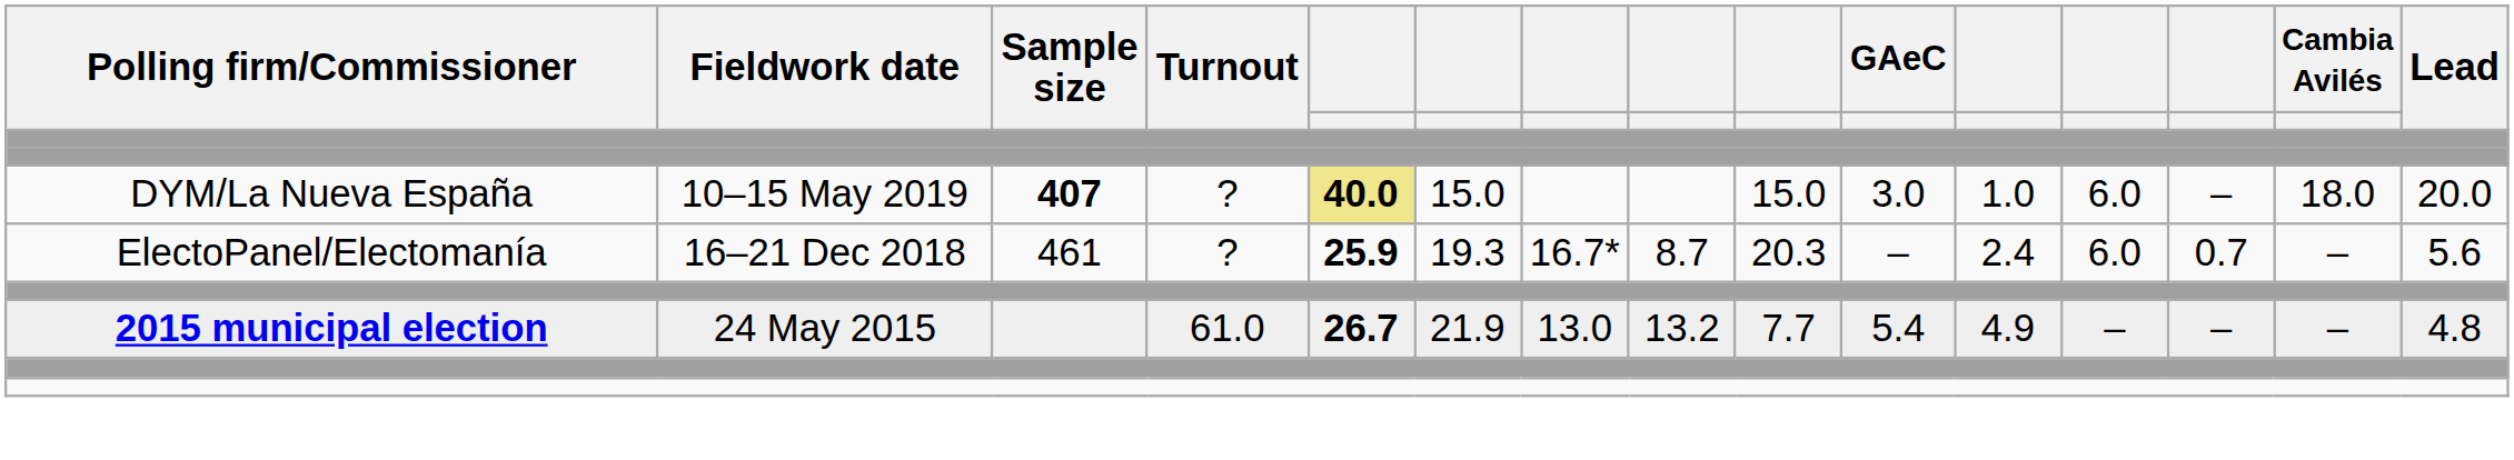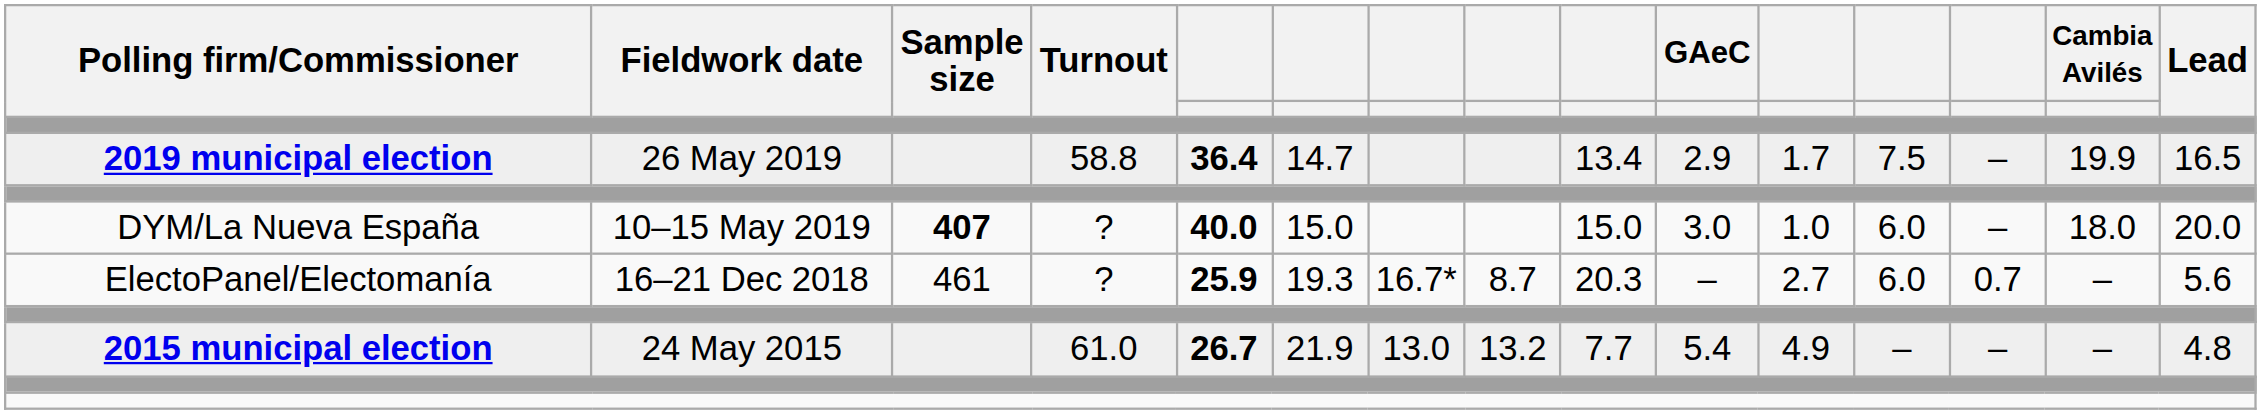 <table class="wikitable collapsible collapsed" style="text-align:center; font-size:95%; line-height:16px;">
 <tr style="height:42px;">
 <th style="width:250px;" rowspan="2">Polling firm/Commissioner</th>
 <th style="width:125px;" rowspan="2">Fieldwork date</th>
 <th style="width:50px;" rowspan="2">Sample size</th>
 <th style="width:45px;" rowspan="2">Turnout</th>
 <th style="width:35px;"></th>
 <th style="width:35px;"></th>
 <th style="width:35px;"></th>
 <th style="width:35px;"></th>
 <th style="width:35px;"></th>
 <th style="width:35px; font-size:90%;">GAeC</th>
 <th style="width:35px;"></th>
 <th style="width:35px;"></th>
 <th style="width:35px;"></th>
 <th style="width:35px; font-size:80%;">Cambia<br>Avilés</th>
 <th style="width:30px;" rowspan="2">Lead</th>
 </tr>
 <tr>
 <th style="color:inherit;background:"></th>
 <th style="color:inherit;background:"></th>
 <th style="color:inherit;background:"></th>
 <th style="color:inherit;background:"></th>
 <th style="color:inherit;background:"></th>
 <th style="color:inherit;background:"></th>
 <th style="color:inherit;background:"></th>
 <th style="color:inherit;background:"></th>
 <th style="color:inherit;background:"></th>
 <th style="color:inherit;background:"></th>
 </tr>
 <tr>
 <td colspan="15" style="background:#A0A0A0"></td>
 </tr>
+<tr style="background:#EFEFEF;">
+<td><strong><a href='#'>2019 municipal election</a></strong></td>
+<td>26 May 2019</td>
+<td></td>
+<td>58.8</td>
+<td><strong>36.4</strong><br></td>
+<td>14.7<br></td>
+<td></td>
+<td></td>
+<td>13.4<br></td>
+<td>2.9<br></td>
+<td>1.7<br></td>
+<td>7.5<br></td>
+<td>–</td>
+<td>19.9<br></td>
+<td style="background:">16.5</td>
+</tr>
 <tr>
 <td colspan="15" style="background:#A0A0A0"></td>
 </tr>
 <tr>
 <td>DYM/La Nueva España</td>
 <td>10–15 May 2019</td>
 <td><strong>407</strong></td>
 <td>?</td>
-<td style="background: khaki;"><strong>40.0</strong><br></td>
+<td><strong>40.0</strong><br></td>
 <td>15.0<br></td>
 <td></td>
 <td></td>
 <td>15.0<br></td>
 <td>3.0<br></td>
 <td>1.0<br></td>
 <td>6.0<br></td>
 <td>–</td>
 <td>18.0<br></td>
 <td style="background:">20.0</td>
 </tr>
 <tr>
 <td>ElectoPanel/Electomanía</td>
 <td>16–21 Dec 2018</td>
 <td>461</td>
 <td>?</td>
 <td><strong>25.9</strong><br></td>
 <td>19.3<br></td>
 <td>16.7*<br></td>
 <td>8.7<br></td>
 <td>20.3<br></td>
 <td>–</td>
-<td>2.4<br></td>
+<td>2.7<br></td>
 <td>6.0<br></td>
 <td>0.7<br></td>
 <td>–</td>
 <td style="background:">5.6</td>
 </tr>
 <tr>
 <td colspan="15" style="background:#A0A0A0"></td>
 </tr>
 <tr style="background:#EFEFEF;">
 <td><strong><a href='#'>2015 municipal election</a></strong></td>
 <td>24 May 2015</td>
 <td></td>
 <td>61.0</td>
 <td><strong>26.7</strong><br></td>
 <td>21.9<br></td>
 <td>13.0<br></td>
 <td>13.2<br></td>
 <td>7.7<br></td>
 <td>5.4<br></td>
 <td>4.9<br></td>
 <td>–</td>
 <td>–</td>
 <td>–</td>
 <td style="background:">4.8</td>
 </tr>
 <tr>
 <td colspan="15" style="background:#A0A0A0"></td>
 </tr>
 <tr>
 <td align="left" colspan="15"></td>
 </tr>
 </table>
